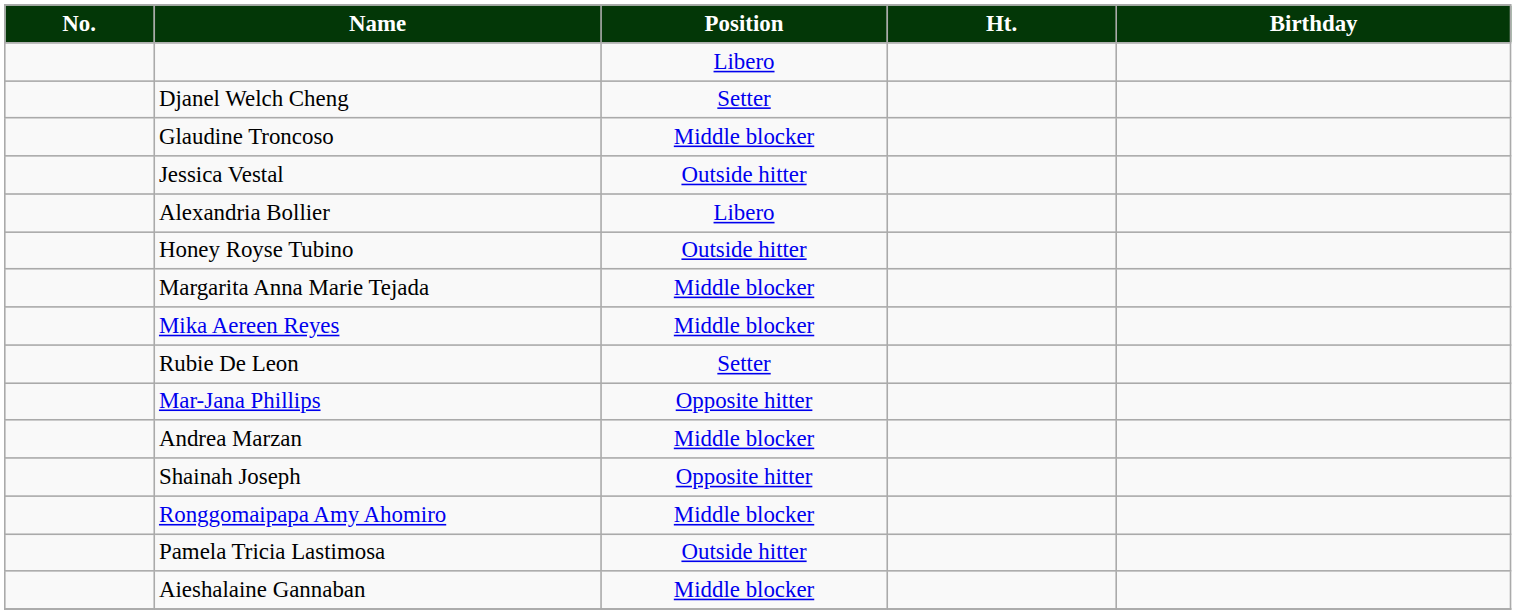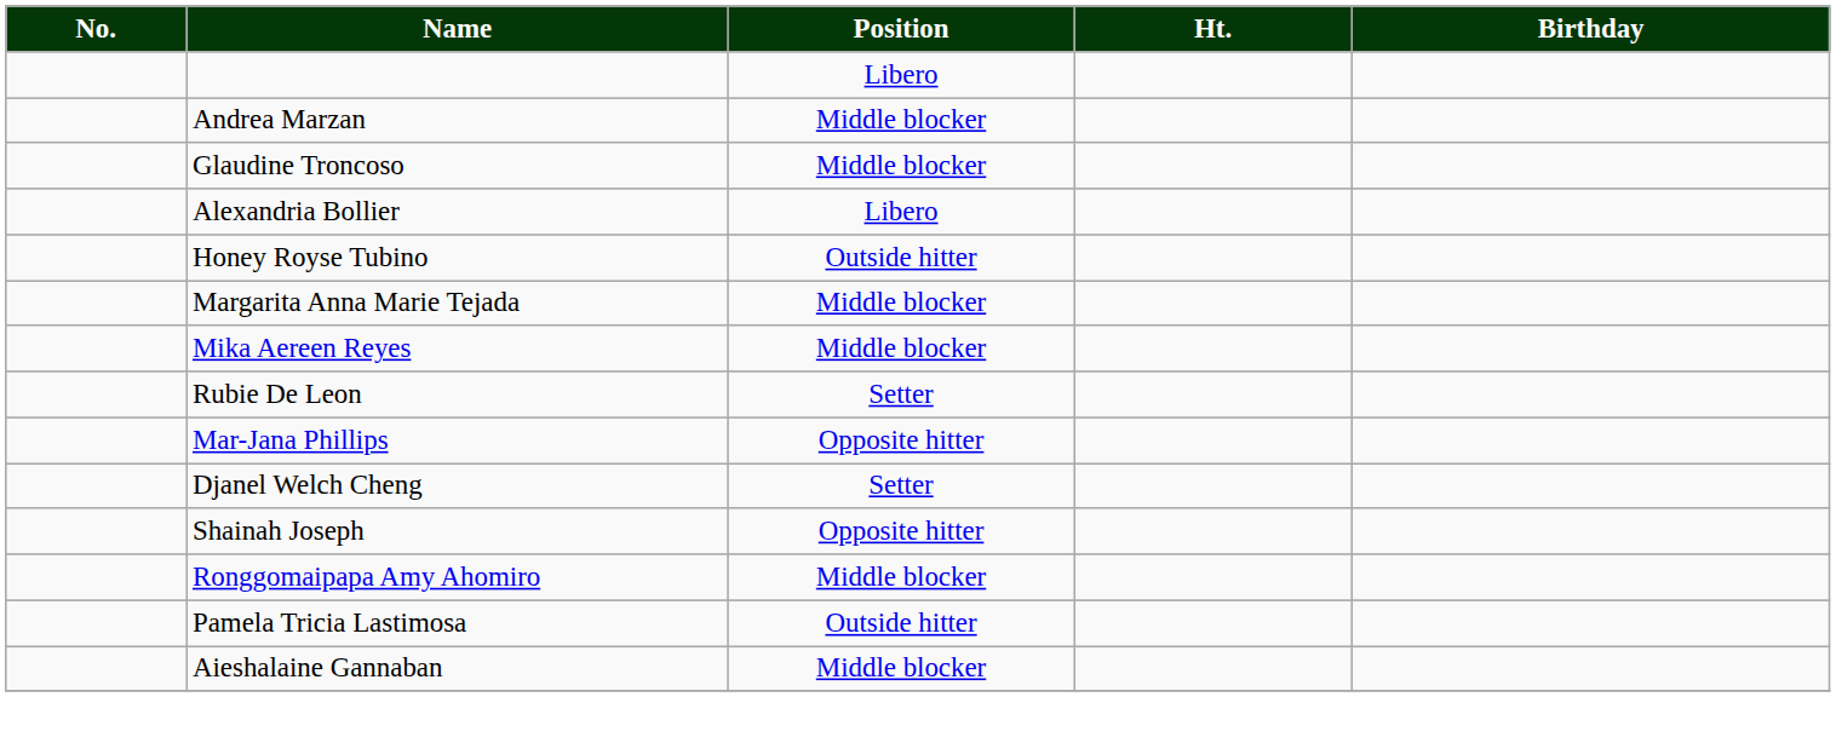 <table class="wikitable sortable" style="font-size:90%; text-align:center; width:75%;">
 <tr>
 <th style="width:5em;; background:#033707; color:white; text-align: center"><strong>No.</strong></th>
 <th style="width:16em; background:#033707; color:white;">Name</th>
 <th style="width:10em;background:#033707; color:white; text-align: center"><strong>Position</strong></th>
 <th style="width:8em; background:#033707; color:white;">Ht.</th>
 <th style="width:14em; background:#033707; color:white;">Birthday</th>
 </tr>
 <tr>
 <td></td>
 <td align=left> </td>
 <td><a href='#'>Libero</a></td>
 <td></td>
 <td align=right></td>
 </tr>
 <tr>
 <td></td>
-<td align=left> Djanel Welch Cheng</td>
-<td><a href='#'>Setter</a></td>
+<td align=left> Andrea Marzan</td>
+<td><a href='#'>Middle blocker</a></td>
 <td></td>
 <td align=right></td>
 </tr>
 <tr>
 <td></td>
 <td align=left> Glaudine Troncoso</td>
 <td><a href='#'>Middle blocker</a></td>
 <td></td>
 <td></td>
-</tr>
-<tr>
-<td></td>
-<td align=left> Jessica Vestal</td>
-<td><a href='#'>Outside hitter</a></td>
-<td></td>
-<td align=right></td>
 </tr>
 <tr>
 <td></td>
 <td align=left> Alexandria Bollier</td>
 <td><a href='#'>Libero</a></td>
 <td></td>
 <td align=right></td>
 </tr>
 <tr>
 <td></td>
 <td align=left> Honey Royse Tubino</td>
 <td><a href='#'>Outside hitter</a></td>
 <td></td>
 <td align=right></td>
 </tr>
 <tr>
 <td></td>
 <td align=left> Margarita Anna Marie Tejada</td>
 <td><a href='#'>Middle blocker</a></td>
 <td></td>
 <td align=right></td>
 </tr>
 <tr>
 <td></td>
 <td align=left> <a href='#'>Mika Aereen Reyes</a></td>
 <td><a href='#'>Middle blocker</a></td>
 <td></td>
 <td align=right></td>
 </tr>
 <tr>
 <td></td>
 <td align=left> Rubie De Leon</td>
 <td><a href='#'>Setter</a></td>
 <td></td>
 <td align=right></td>
 </tr>
 <tr>
 <td></td>
 <td align=left> <a href='#'>Mar-Jana Phillips</a></td>
 <td><a href='#'>Opposite hitter</a></td>
 <td></td>
 <td align=right></td>
 </tr>
 <tr>
 <td></td>
-<td align=left> Andrea Marzan</td>
-<td><a href='#'>Middle blocker</a></td>
+<td align=left> Djanel Welch Cheng</td>
+<td><a href='#'>Setter</a></td>
 <td></td>
 <td align=right></td>
 </tr>
 <tr>
 <td></td>
 <td align=left> Shainah Joseph</td>
 <td><a href='#'>Opposite hitter</a></td>
 <td></td>
 <td align=right></td>
 </tr>
 <tr>
 <td></td>
 <td align=left> <a href='#'>Ronggomaipapa Amy Ahomiro</a></td>
 <td><a href='#'>Middle blocker</a></td>
 <td></td>
 <td align=right></td>
 </tr>
 <tr>
 <td></td>
 <td align=left> Pamela Tricia Lastimosa</td>
 <td><a href='#'>Outside hitter</a></td>
 <td></td>
 <td align=right></td>
 </tr>
 <tr>
 <td></td>
 <td align=left> Aieshalaine Gannaban</td>
 <td><a href='#'>Middle blocker</a></td>
 <td></td>
 <td align=right></td>
 </tr>
 <tr>
 </tr>
 </table>
